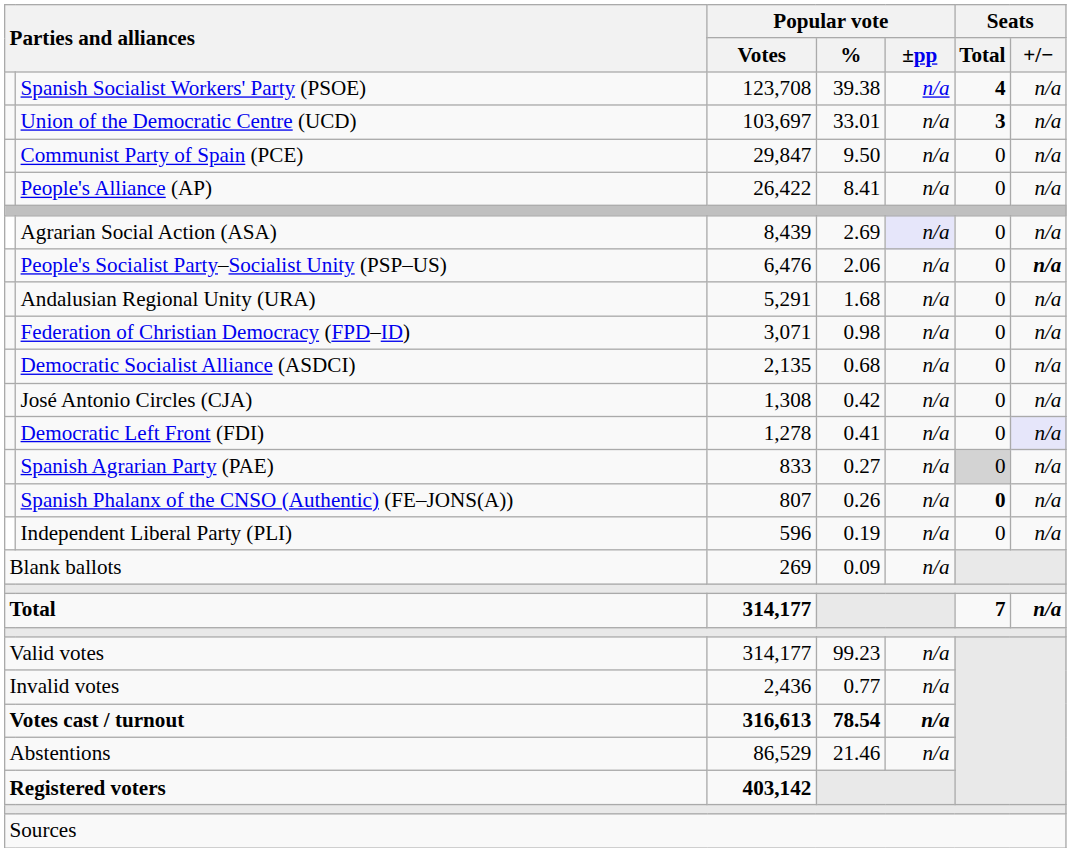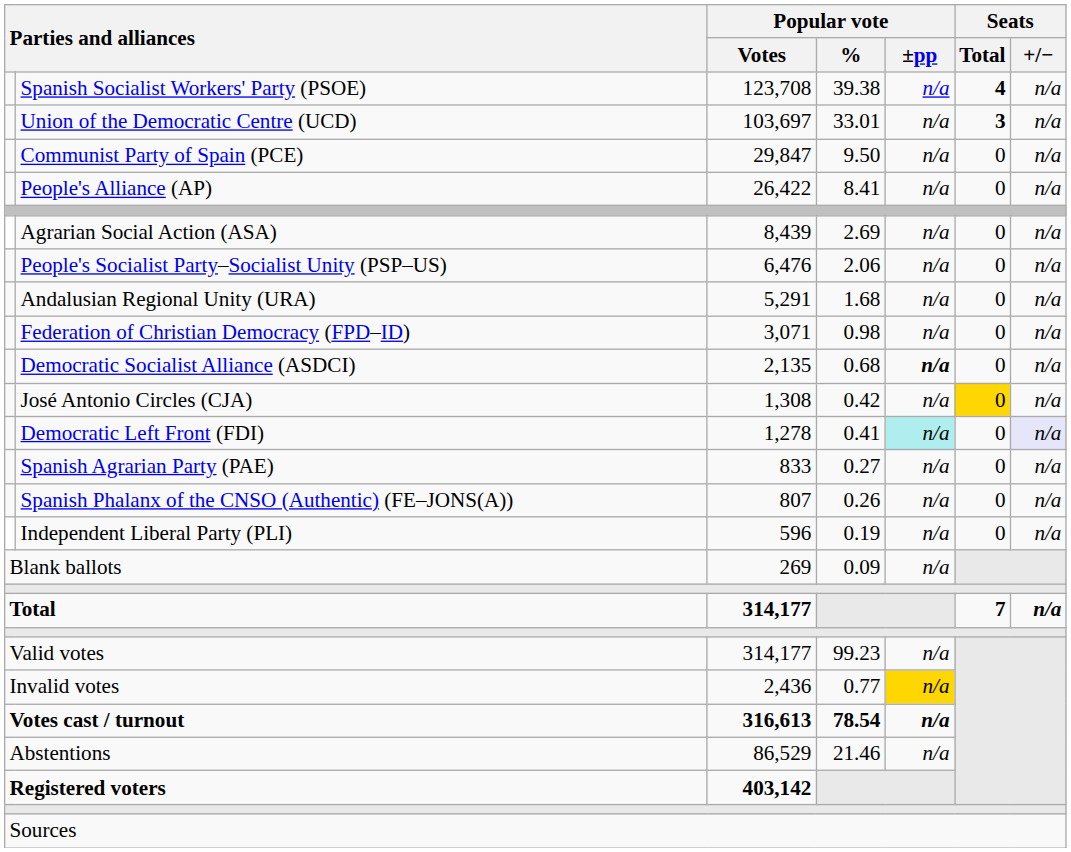 <table class="wikitable" style="text-align:right;">
 <tr>
 <th style="text-align:left;" rowspan="2" colspan="2" width="525">Parties and alliances</th>
 <th colspan="3">Popular vote</th>
 <th colspan="2">Seats</th>
 </tr>
 <tr>
 <th width="75">Votes</th>
 <th width="45">%</th>
 <th width="45">±<a href='#'>pp</a></th>
 <th width="35">Total</th>
 <th width="35">+/−</th>
 </tr>
 <tr>
 <td width="1" style="color:inherit;background:"></td>
 <td align="left"><a href='#'>Spanish Socialist Workers' Party</a> (PSOE)</td>
 <td>123,708</td>
 <td>39.38</td>
 <td><em><a href='#'>n/a</a></em></td>
 <td><strong>4</strong></td>
 <td><em>n/a</em></td>
 </tr>
 <tr>
 <td style="color:inherit;background:"></td>
 <td align="left"><a href='#'>Union of the Democratic Centre</a> (UCD)</td>
 <td>103,697</td>
 <td>33.01</td>
 <td><em>n/a</em></td>
 <td><strong>3</strong></td>
 <td><em>n/a</em></td>
 </tr>
 <tr>
 <td style="color:inherit;background:"></td>
 <td align="left"><a href='#'>Communist Party of Spain</a> (PCE)</td>
 <td>29,847</td>
 <td>9.50</td>
 <td><em>n/a</em></td>
 <td>0</td>
 <td><em>n/a</em></td>
 </tr>
 <tr>
 <td style="color:inherit;background:"></td>
 <td align="left"><a href='#'>People's Alliance</a> (AP)</td>
 <td>26,422</td>
 <td>8.41</td>
 <td><em>n/a</em></td>
 <td>0</td>
 <td><em>n/a</em></td>
 </tr>
 <tr>
 <td colspan="7" bgcolor="#C0C0C0"></td>
 </tr>
 <tr>
 <td bgcolor="white"></td>
 <td align="left">Agrarian Social Action (ASA)</td>
 <td>8,439</td>
 <td>2.69</td>
-<td style="background: lavender;"><em>n/a</em></td>
+<td><em>n/a</em></td>
 <td>0</td>
 <td><em>n/a</em></td>
 </tr>
 <tr>
 <td style="color:inherit;background:"></td>
 <td align="left"><a href='#'>People's Socialist Party</a>–<a href='#'>Socialist Unity</a> (PSP–US)</td>
 <td>6,476</td>
 <td>2.06</td>
 <td><em>n/a</em></td>
 <td>0</td>
-<td><strong><em>n/a</em></strong></td>
+<td><em>n/a</em></td>
 </tr>
 <tr>
 <td style="color:inherit;background:"></td>
 <td align="left">Andalusian Regional Unity (URA)</td>
 <td>5,291</td>
 <td>1.68</td>
 <td><em>n/a</em></td>
 <td>0</td>
 <td><em>n/a</em></td>
 </tr>
 <tr>
 <td style="color:inherit;background:"></td>
 <td align="left"><a href='#'>Federation of Christian Democracy</a> (<a href='#'>FPD</a>–<a href='#'>ID</a>)</td>
 <td>3,071</td>
 <td>0.98</td>
 <td><em>n/a</em></td>
 <td>0</td>
 <td><em>n/a</em></td>
 </tr>
 <tr>
 <td style="color:inherit;background:"></td>
 <td align="left"><a href='#'>Democratic Socialist Alliance</a> (ASDCI)</td>
 <td>2,135</td>
 <td>0.68</td>
-<td><em>n/a</em></td>
+<td><strong><em>n/a</em></strong></td>
 <td>0</td>
 <td><em>n/a</em></td>
 </tr>
 <tr>
 <td style="color:inherit;background:"></td>
 <td align="left">José Antonio Circles (CJA)</td>
 <td>1,308</td>
 <td>0.42</td>
 <td><em>n/a</em></td>
-<td>0</td>
+<td style="background: gold;">0</td>
 <td><em>n/a</em></td>
 </tr>
 <tr>
 <td style="color:inherit;background:"></td>
 <td align="left"><a href='#'>Democratic Left Front</a> (FDI)</td>
 <td>1,278</td>
 <td>0.41</td>
-<td><em>n/a</em></td>
+<td style="background: paleturquoise;"><em>n/a</em></td>
 <td>0</td>
 <td style="background: lavender;"><em>n/a</em></td>
 </tr>
 <tr>
 <td style="color:inherit;background:"></td>
 <td align="left"><a href='#'>Spanish Agrarian Party</a> (PAE)</td>
 <td>833</td>
 <td>0.27</td>
 <td><em>n/a</em></td>
-<td style="background: lightgrey;">0</td>
+<td>0</td>
 <td><em>n/a</em></td>
 </tr>
 <tr>
 <td style="color:inherit;background:"></td>
 <td align="left"><a href='#'>Spanish Phalanx of the CNSO (Authentic)</a> (FE–JONS(A))</td>
 <td>807</td>
 <td>0.26</td>
 <td><em>n/a</em></td>
-<td><strong>0</strong></td>
+<td>0</td>
 <td><em>n/a</em></td>
 </tr>
 <tr>
 <td bgcolor="white"></td>
 <td align="left">Independent Liberal Party (PLI)</td>
 <td>596</td>
 <td>0.19</td>
 <td><em>n/a</em></td>
 <td>0</td>
 <td><em>n/a</em></td>
 </tr>
 <tr>
 <td align="left" colspan="2">Blank ballots</td>
 <td>269</td>
 <td>0.09</td>
 <td><em>n/a</em></td>
 <td bgcolor="#E9E9E9" colspan="2"></td>
 </tr>
 <tr>
 <td colspan="7" bgcolor="#E9E9E9"></td>
 </tr>
 <tr style="font-weight:bold;">
 <td align="left" colspan="2">Total</td>
 <td>314,177</td>
 <td bgcolor="#E9E9E9" colspan="2"></td>
 <td>7</td>
 <td><em>n/a</em></td>
 </tr>
 <tr>
 <td colspan="7" bgcolor="#E9E9E9"></td>
 </tr>
 <tr>
 <td align="left" colspan="2">Valid votes</td>
 <td>314,177</td>
 <td>99.23</td>
 <td><em>n/a</em></td>
 <td bgcolor="#E9E9E9" colspan="2" rowspan="5"></td>
 </tr>
 <tr>
 <td align="left" colspan="2">Invalid votes</td>
 <td>2,436</td>
 <td>0.77</td>
-<td><em>n/a</em></td>
+<td style="background: gold;"><em>n/a</em></td>
 </tr>
 <tr style="font-weight:bold;">
 <td align="left" colspan="2">Votes cast / turnout</td>
 <td>316,613</td>
 <td>78.54</td>
 <td><em>n/a</em></td>
 </tr>
 <tr>
 <td align="left" colspan="2">Abstentions</td>
 <td>86,529</td>
 <td>21.46</td>
 <td><em>n/a</em></td>
 </tr>
 <tr style="font-weight:bold;">
 <td align="left" colspan="2">Registered voters</td>
 <td>403,142</td>
 <td bgcolor="#E9E9E9" colspan="2"></td>
 </tr>
 <tr>
 <td colspan="7" bgcolor="#E9E9E9"></td>
 </tr>
 <tr>
 <td align="left" colspan="7">Sources</td>
 </tr>
 </table>
